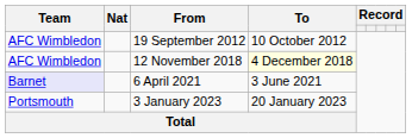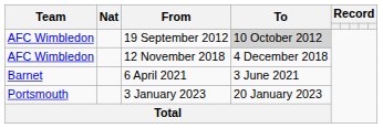 <table class="wikitable" style="text-align: center">
 <tr>
 <th rowspan="2">Team</th>
 <th rowspan="2">Nat</th>
 <th rowspan="2">From</th>
 <th rowspan="2">To</th>
 <th colspan="8">Record</th>
 </tr>
 <tr>
 <th></th>
 <th></th>
 <th></th>
 <th></th>
 <th></th>
 </tr>
 <tr>
 <td align=left><a href='#'>AFC Wimbledon</a></td>
 <td></td>
 <td align=left>19 September 2012</td>
-<td align=left>10 October 2012<br></td>
+<td align=left style="background: lightgrey;">10 October 2012<br></td>
 </tr>
 <tr>
 <td align=left><a href='#'>AFC Wimbledon</a></td>
 <td></td>
 <td align=left>12 November 2018</td>
-<td align=left style="background: lightyellow;">4 December 2018<br></td>
+<td align=left>4 December 2018<br></td>
 </tr>
 <tr>
-<td align=left style="background: lavender;"><a href='#'>Barnet</a></td>
+<td align=left><a href='#'>Barnet</a></td>
 <td></td>
 <td align=left>6 April 2021</td>
 <td align=left>3 June 2021<br></td>
 </tr>
 <tr>
 <td align=left><a href='#'>Portsmouth</a></td>
 <td></td>
 <td align=left>3 January 2023</td>
 <td align=left>20 January 2023<br></td>
 </tr>
 <tr>
 <th colspan=4>Total<br></th>
 </tr>
 </table>
